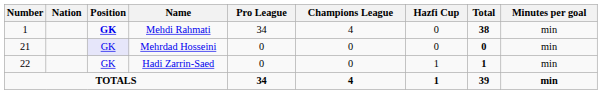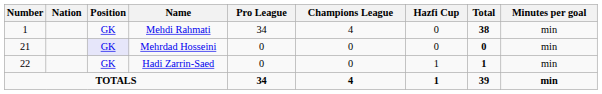 <table class="wikitable sortable" style="font-size: 95%; text-align: center;">
 <tr>
 <th width="7%">Number</th>
 <th width="7%">Nation</th>
 <th width="7%">Position</th>
 <th>Name</th>
 <th>Pro League</th>
 <th>Champions League</th>
 <th>Hazfi Cup</th>
 <th>Total</th>
 <th>Minutes per goal</th>
 </tr>
 <tr>
 <td>1</td>
 <td></td>
-<td><strong><a href='#'>GK</a></strong></td>
+<td><a href='#'>GK</a></td>
 <td><a href='#'>Mehdi Rahmati</a></td>
 <td>34 </td>
 <td>4 </td>
 <td>0 </td>
 <td><strong>38</strong> </td>
 <td> min </td>
 </tr>
 <tr>
 <td>21</td>
 <td></td>
 <td style="background: lavender;"><a href='#'>GK</a></td>
 <td><a href='#'>Mehrdad Hosseini</a></td>
 <td>0 </td>
 <td>0 </td>
 <td>0 </td>
 <td><strong>0</strong> </td>
 <td> min </td>
 </tr>
 <tr>
 <td>22</td>
 <td></td>
 <td><a href='#'>GK</a></td>
 <td><a href='#'>Hadi Zarrin-Saed</a></td>
 <td>0 </td>
 <td>0 </td>
 <td>1 </td>
 <td><strong>1</strong> </td>
 <td> min </td>
 </tr>
 <tr>
 <td colspan="4"><strong>TOTALS</strong></td>
 <td><strong>34</strong> </td>
 <td><strong>4</strong> </td>
 <td><strong>1</strong> </td>
 <td><strong>39</strong> </td>
 <td><strong> min</strong> </td>
 </tr>
 </table>
